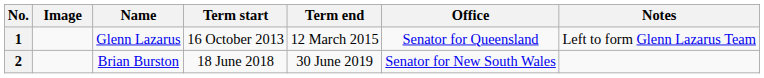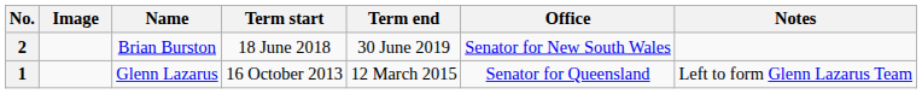 <table class="wikitable" style="text-align:center">
 <tr>
 <th>No.</th>
 <th width=60>Image</th>
 <th>Name</th>
 <th>Term start</th>
 <th>Term end</th>
 <th>Office</th>
 <th>Notes</th>
 </tr>
 <tr>
+<th style="background:">2</th>
+<td></td>
+<td><a href='#'>Brian Burston</a> <br> </td>
+<td>18 June 2018</td>
+<td>30 June 2019</td>
+<td><a href='#'>Senator for New South Wales</a><br> </td>
+<td></td>
+</tr>
+<tr>
 <th style="background:">1</th>
 <td></td>
 <td><a href='#'>Glenn Lazarus</a> <br> </td>
 <td>16 October 2013</td>
 <td>12 March 2015</td>
 <td><a href='#'>Senator for Queensland</a><br> </td>
 <td>Left to form <a href='#'>Glenn Lazarus Team</a></td>
 </tr>
-<tr>
-<th style="background:">2</th>
-<td></td>
-<td><a href='#'>Brian Burston</a> <br> </td>
-<td>18 June 2018</td>
-<td>30 June 2019</td>
-<td><a href='#'>Senator for New South Wales</a><br> </td>
-<td></td>
-</tr>
 </table>
